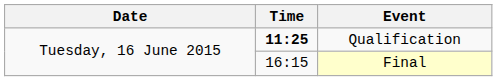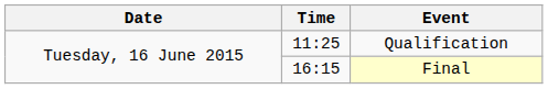 <table class = "wikitable" style="text-align:center;">
 <tr>
 <th width=220>Date</th>
 <th width=50>Time</th>
 <th width=150>Event</th>
 </tr>
 <tr>
 <td rowspan=2>Tuesday, 16 June 2015</td>
-<td><strong>11:25</strong></td>
+<td>11:25</td>
 <td>Qualification</td>
 </tr>
 <tr>
 <td>16:15</td>
 <td bgcolor=ffffcc>Final</td>
 </tr>
 </table>
